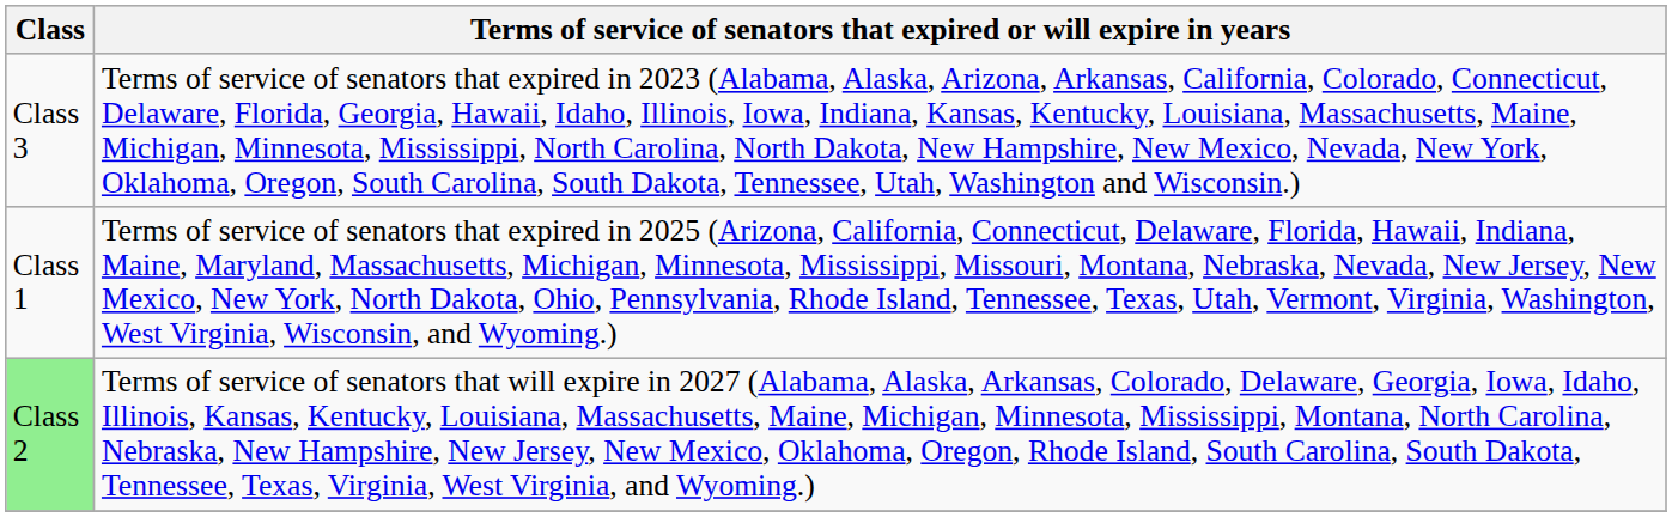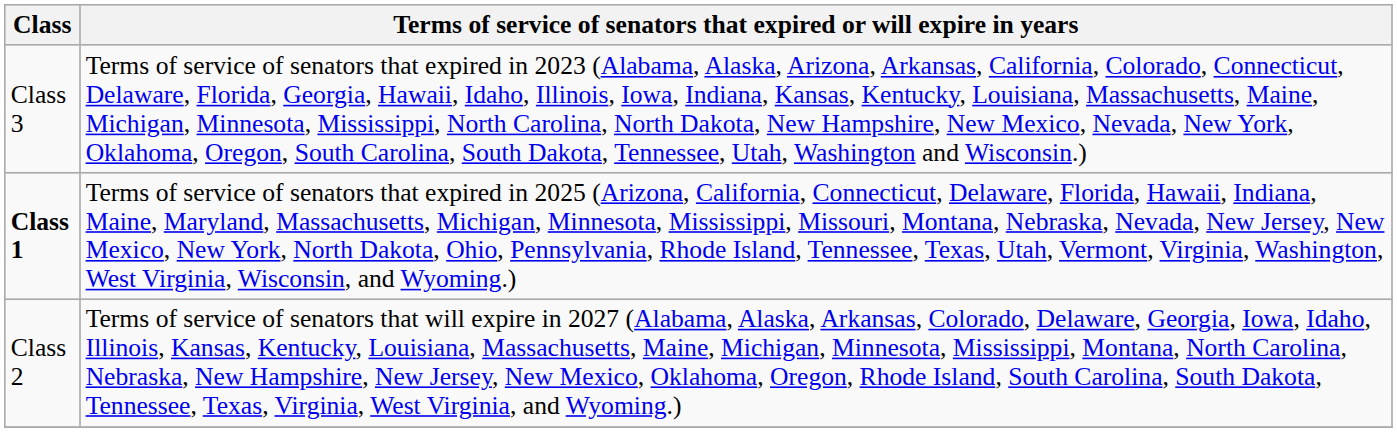 <table class="wikitable sortable">
 <tr valign=bottom>
 <th>Class</th>
 <th>Terms of service of senators that expired or will expire in years</th>
 </tr>
 <tr>
 <td>Class 3</td>
 <td>Terms of service of senators that expired in 2023 (<a href='#'>Alabama</a>, <a href='#'>Alaska</a>, <a href='#'>Arizona</a>, <a href='#'>Arkansas</a>, <a href='#'>California</a>, <a href='#'>Colorado</a>, <a href='#'>Connecticut</a>, <a href='#'>Delaware</a>, <a href='#'>Florida</a>, <a href='#'>Georgia</a>, <a href='#'>Hawaii</a>, <a href='#'>Idaho</a>, <a href='#'>Illinois</a>, <a href='#'>Iowa</a>, <a href='#'>Indiana</a>, <a href='#'>Kansas</a>, <a href='#'>Kentucky</a>, <a href='#'>Louisiana</a>, <a href='#'>Massachusetts</a>, <a href='#'>Maine</a>, <a href='#'>Michigan</a>, <a href='#'>Minnesota</a>, <a href='#'>Mississippi</a>, <a href='#'>North Carolina</a>, <a href='#'>North Dakota</a>, <a href='#'>New Hampshire</a>, <a href='#'>New Mexico</a>, <a href='#'>Nevada</a>, <a href='#'>New York</a>, <a href='#'>Oklahoma</a>, <a href='#'>Oregon</a>, <a href='#'>South Carolina</a>, <a href='#'>South Dakota</a>, <a href='#'>Tennessee</a>, <a href='#'>Utah</a>, <a href='#'>Washington</a> and <a href='#'>Wisconsin</a>.)</td>
 </tr>
 <tr>
-<td>Class 1</td>
+<td><strong>Class 1</strong></td>
 <td>Terms of service of senators that expired in 2025 (<a href='#'>Arizona</a>, <a href='#'>California</a>, <a href='#'>Connecticut</a>, <a href='#'>Delaware</a>, <a href='#'>Florida</a>, <a href='#'>Hawaii</a>, <a href='#'>Indiana</a>, <a href='#'>Maine</a>, <a href='#'>Maryland</a>, <a href='#'>Massachusetts</a>, <a href='#'>Michigan</a>, <a href='#'>Minnesota</a>, <a href='#'>Mississippi</a>, <a href='#'>Missouri</a>, <a href='#'>Montana</a>, <a href='#'>Nebraska</a>, <a href='#'>Nevada</a>, <a href='#'>New Jersey</a>, <a href='#'>New Mexico</a>, <a href='#'>New York</a>, <a href='#'>North Dakota</a>, <a href='#'>Ohio</a>, <a href='#'>Pennsylvania</a>, <a href='#'>Rhode Island</a>, <a href='#'>Tennessee</a>, <a href='#'>Texas</a>, <a href='#'>Utah</a>, <a href='#'>Vermont</a>, <a href='#'>Virginia</a>, <a href='#'>Washington</a>, <a href='#'>West Virginia</a>, <a href='#'>Wisconsin</a>, and <a href='#'>Wyoming</a>.)</td>
 </tr>
 <tr>
-<td style="background: lightgreen;">Class 2</td>
+<td>Class 2</td>
 <td>Terms of service of senators that will expire in 2027 (<a href='#'>Alabama</a>, <a href='#'>Alaska</a>, <a href='#'>Arkansas</a>, <a href='#'>Colorado</a>, <a href='#'>Delaware</a>, <a href='#'>Georgia</a>, <a href='#'>Iowa</a>, <a href='#'>Idaho</a>, <a href='#'>Illinois</a>, <a href='#'>Kansas</a>, <a href='#'>Kentucky</a>, <a href='#'>Louisiana</a>, <a href='#'>Massachusetts</a>, <a href='#'>Maine</a>, <a href='#'>Michigan</a>, <a href='#'>Minnesota</a>, <a href='#'>Mississippi</a>, <a href='#'>Montana</a>, <a href='#'>North Carolina</a>, <a href='#'>Nebraska</a>, <a href='#'>New Hampshire</a>, <a href='#'>New Jersey</a>, <a href='#'>New Mexico</a>, <a href='#'>Oklahoma</a>, <a href='#'>Oregon</a>, <a href='#'>Rhode Island</a>, <a href='#'>South Carolina</a>, <a href='#'>South Dakota</a>, <a href='#'>Tennessee</a>, <a href='#'>Texas</a>, <a href='#'>Virginia</a>, <a href='#'>West Virginia</a>, and <a href='#'>Wyoming</a>.)</td>
 </tr>
 <tr>
 </tr>
 </table>
